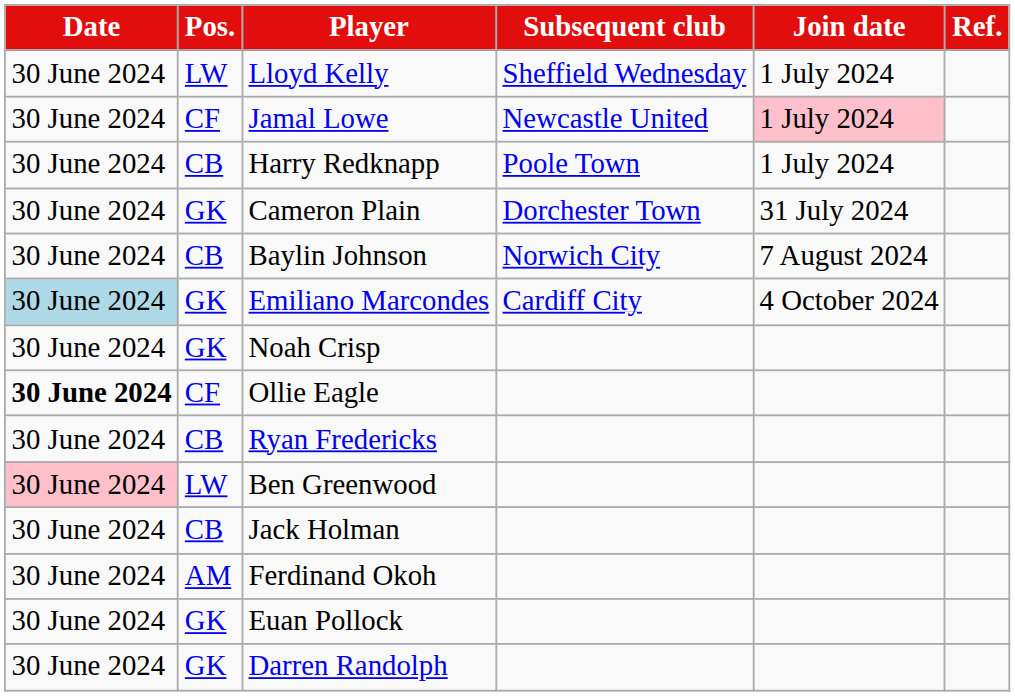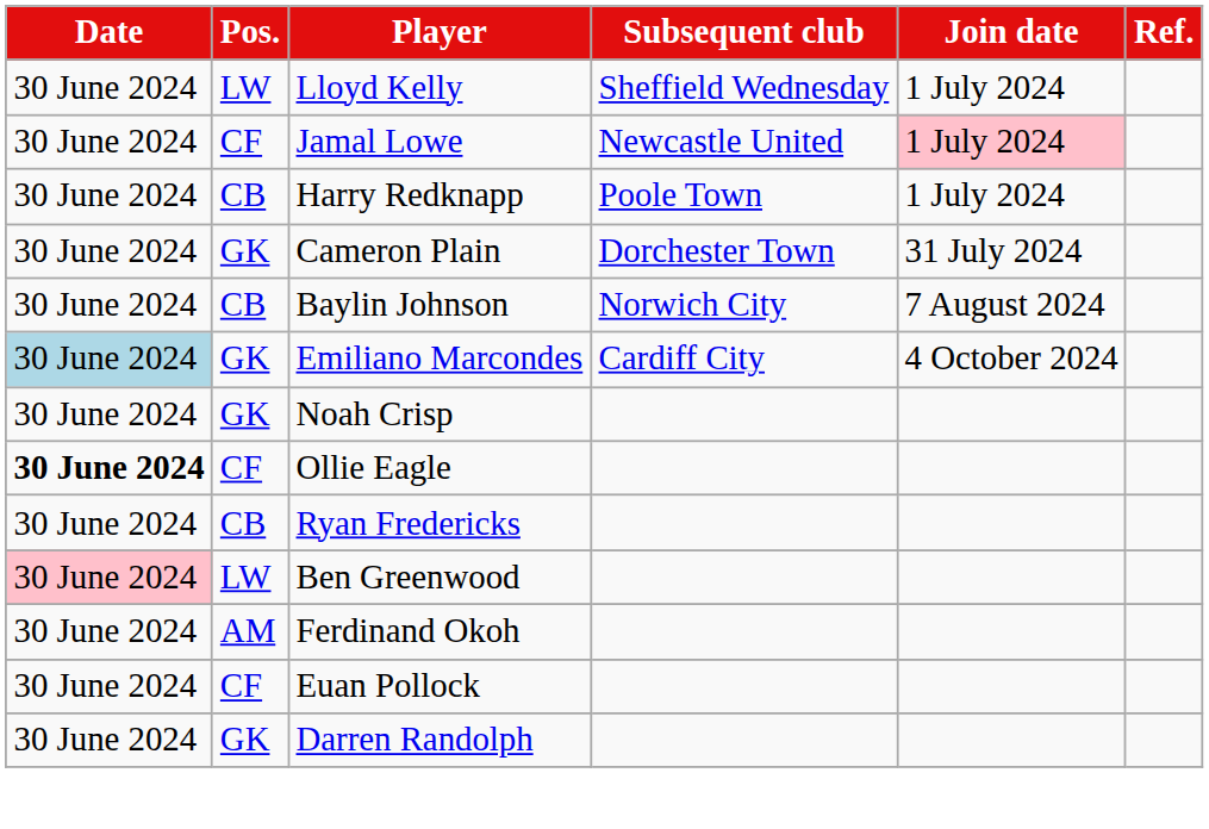 <table class="wikitable plainrowheaders sortable">
 <tr>
 <th style="background:#e20e0e;color:#FFFFFF;">Date</th>
 <th style="background:#e20e0e;color:#FFFFFF;">Pos.</th>
 <th style="background:#e20e0e;color:#FFFFFF;">Player</th>
 <th style="background:#e20e0e;color:#FFFFFF;">Subsequent club</th>
 <th style="background:#e20e0e;color:#FFFFFF;">Join date</th>
 <th style="background:#e20e0e;color:#FFFFFF;">Ref.</th>
 </tr>
 <tr>
 <td>30 June 2024</td>
 <td><a href='#'>LW</a></td>
 <td> <a href='#'>Lloyd Kelly</a></td>
 <td> <a href='#'>Sheffield Wednesday</a></td>
 <td>1 July 2024</td>
 <td></td>
 </tr>
 <tr>
 <td>30 June 2024</td>
 <td><a href='#'>CF</a></td>
 <td> <a href='#'>Jamal Lowe</a></td>
 <td> <a href='#'>Newcastle United</a></td>
 <td style="background: pink;">1 July 2024</td>
 <td></td>
 </tr>
 <tr>
 <td>30 June 2024</td>
 <td><a href='#'>CB</a></td>
 <td> Harry Redknapp</td>
 <td> <a href='#'>Poole Town</a></td>
 <td>1 July 2024</td>
 <td></td>
 </tr>
 <tr>
 <td>30 June 2024</td>
 <td><a href='#'>GK</a></td>
 <td> Cameron Plain</td>
 <td> <a href='#'>Dorchester Town</a></td>
 <td>31 July 2024</td>
 <td></td>
 </tr>
 <tr>
 <td>30 June 2024</td>
 <td><a href='#'>CB</a></td>
 <td> Baylin Johnson</td>
 <td> <a href='#'>Norwich City</a></td>
 <td>7 August 2024</td>
 <td></td>
 </tr>
 <tr>
 <td style="background: lightblue;">30 June 2024</td>
 <td><a href='#'>GK</a></td>
 <td> <a href='#'>Emiliano Marcondes</a></td>
 <td> <a href='#'>Cardiff City</a></td>
 <td>4 October 2024</td>
 <td></td>
 </tr>
 <tr>
 <td>30 June 2024</td>
 <td><a href='#'>GK</a></td>
 <td> Noah Crisp</td>
 <td></td>
 <td></td>
 <td></td>
 </tr>
 <tr>
 <td><strong>30 June 2024</strong></td>
 <td><a href='#'>CF</a></td>
 <td> Ollie Eagle</td>
 <td></td>
 <td></td>
 <td></td>
 </tr>
 <tr>
 <td>30 June 2024</td>
 <td><a href='#'>CB</a></td>
 <td> <a href='#'>Ryan Fredericks</a></td>
 <td></td>
 <td></td>
 <td></td>
 </tr>
 <tr>
 <td style="background: pink;">30 June 2024</td>
 <td><a href='#'>LW</a></td>
 <td> Ben Greenwood</td>
 <td></td>
 <td></td>
 <td></td>
 </tr>
 <tr>
 <td>30 June 2024</td>
-<td><a href='#'>CB</a></td>
-<td> Jack Holman</td>
-<td></td>
-<td></td>
-<td></td>
-</tr>
-<tr>
-<td>30 June 2024</td>
 <td><a href='#'>AM</a></td>
 <td> Ferdinand Okoh</td>
 <td></td>
 <td></td>
 <td></td>
 </tr>
 <tr>
 <td>30 June 2024</td>
-<td><a href='#'>GK</a></td>
+<td><a href='#'>CF</a></td>
 <td> Euan Pollock</td>
 <td></td>
 <td></td>
 <td></td>
 </tr>
 <tr>
 <td>30 June 2024</td>
 <td><a href='#'>GK</a></td>
 <td> <a href='#'>Darren Randolph</a></td>
 <td></td>
 <td></td>
 <td></td>
 </tr>
 </table>
